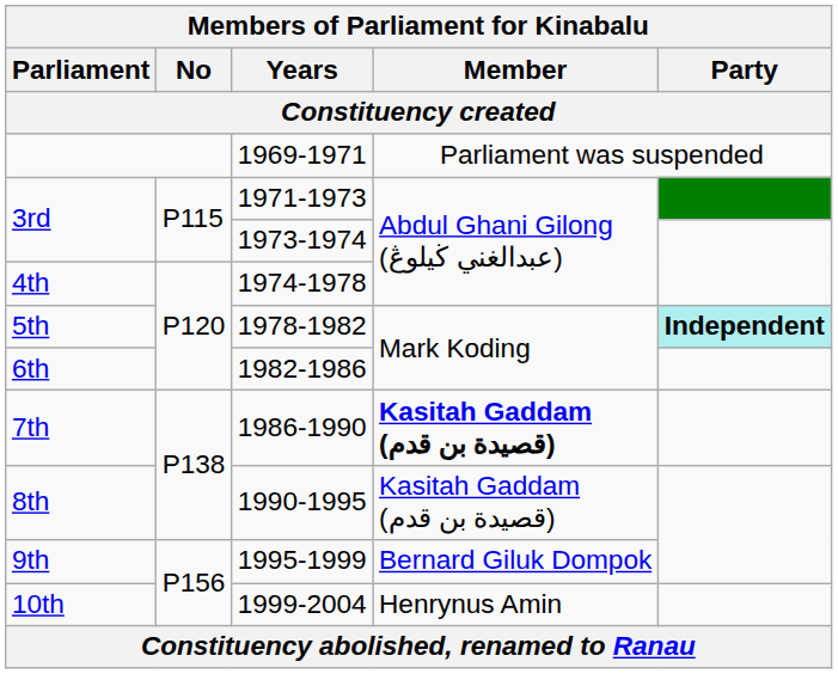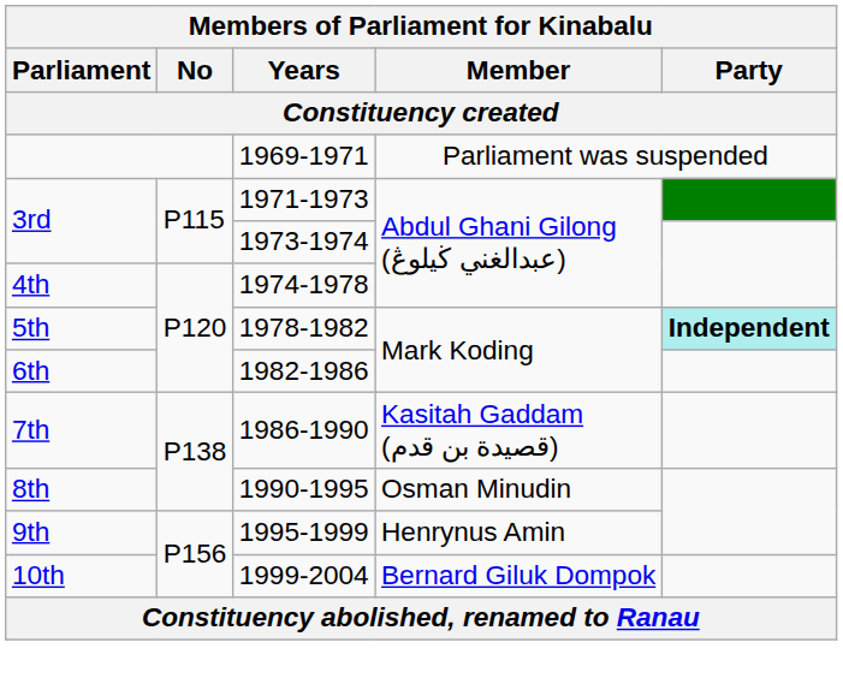 <table class=wikitable>
 <tr>
 <th colspan="5">Members of Parliament for Kinabalu</th>
 </tr>
 <tr>
 <th>Parliament</th>
 <th>No</th>
 <th>Years</th>
 <th>Member</th>
 <th>Party</th>
 </tr>
 <tr>
 <th colspan="5" align="center"><em>Constituency created</em></th>
 </tr>
 <tr>
 <td colspan="2"></td>
 <td>1969-1971</td>
 <td colspan=2 align=center>Parliament was suspended</td>
 </tr>
 <tr>
 <td rowspan=2><a href='#'>3rd</a></td>
 <td rowspan="2">P115</td>
 <td>1971-1973</td>
 <td rowspan=3><a href='#'>Abdul Ghani Gilong</a>  <br>(عبدالغني ڬيلوڠ)</td>
 <td bgcolor=#008000></td>
 </tr>
 <tr>
 <td>1973-1974</td>
 <td rowspan=2></td>
 </tr>
 <tr>
 <td><a href='#'>4th</a></td>
 <td rowspan="3">P120</td>
 <td>1974-1978</td>
 </tr>
 <tr>
 <td><a href='#'>5th</a></td>
 <td>1978-1982</td>
 <td rowspan=2>Mark Koding</td>
 <td style="background: paleturquoise;"><strong>Independent</strong></td>
 </tr>
 <tr>
 <td><a href='#'>6th</a></td>
 <td>1982-1986</td>
 <td></td>
 </tr>
 <tr>
 <td><a href='#'>7th</a></td>
 <td rowspan="2">P138</td>
 <td>1986-1990</td>
-<td><strong><a href='#'>Kasitah Gaddam</a>  <br> (قصيدة بن قدم)</strong></td>
+<td><a href='#'>Kasitah Gaddam</a>  <br> (قصيدة بن قدم)</td>
 <td></td>
 </tr>
 <tr>
 <td><a href='#'>8th</a></td>
 <td>1990-1995</td>
-<td><a href='#'>Kasitah Gaddam</a>  <br> (قصيدة بن قدم)</td>
+<td>Osman Minudin</td>
 <td rowspan=2  bgcolor=></td>
 </tr>
 <tr>
 <td><a href='#'>9th</a></td>
 <td rowspan="2">P156</td>
 <td>1995-1999</td>
-<td><a href='#'>Bernard Giluk Dompok</a></td>
+<td>Henrynus Amin</td>
 </tr>
 <tr>
 <td><a href='#'>10th</a></td>
 <td>1999-2004</td>
-<td>Henrynus Amin</td>
+<td><a href='#'>Bernard Giluk Dompok</a></td>
 <td></td>
 </tr>
 <tr>
 <th colspan="5" align="center"><em>Constituency abolished, renamed to <a href='#'>Ranau</a></em></th>
 </tr>
 </table>
